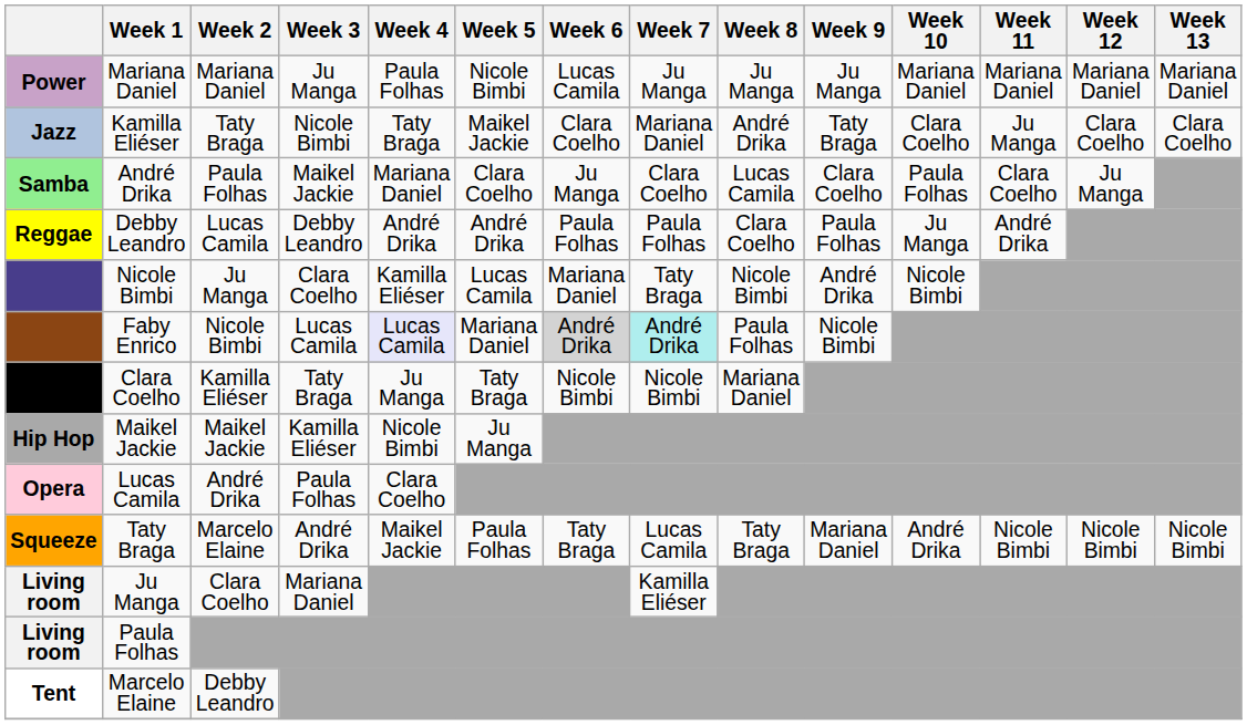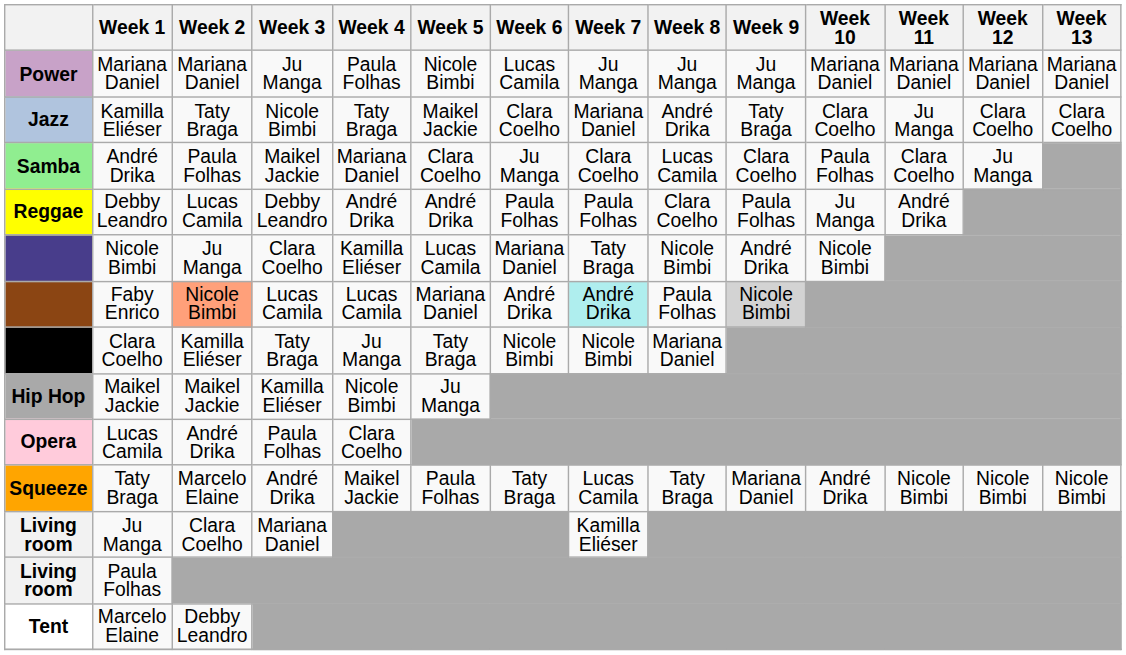 <table class="wikitable" style="text-align:center; font-size:85%; width:100%; line-height:13px;">
 <tr>
 <th style="width:10.5%"></th>
 <th style="width:06.0%">Week 1</th>
 <th style="width:06.0%">Week 2</th>
 <th style="width:06.0%">Week 3</th>
 <th style="width:06.0%">Week 4</th>
 <th style="width:06.0%">Week 5</th>
 <th style="width:06.0%">Week 6</th>
 <th style="width:06.0%">Week 7</th>
 <th style="width:06.0%">Week 8</th>
 <th style="width:06.0%">Week 9</th>
 <th style="width:06.0%">Week 10</th>
 <th style="width:06.0%">Week 11</th>
 <th style="width:06.0%">Week 12</th>
 <th style="width:06.0%">Week 13</th>
 </tr>
 <tr>
 <td bgcolor=C8A2C8><strong>Power<br></strong></td>
 <td>Mariana<br>Daniel</td>
 <td>Mariana<br>Daniel</td>
 <td>Ju<br>Manga</td>
 <td>Paula<br>Folhas</td>
 <td>Nicole<br>Bimbi</td>
 <td>Lucas<br>Camila</td>
 <td>Ju<br>Manga</td>
 <td>Ju<br>Manga</td>
 <td>Ju<br>Manga</td>
 <td>Mariana<br>Daniel</td>
 <td>Mariana<br>Daniel</td>
 <td>Mariana<br>Daniel</td>
 <td>Mariana<br>Daniel</td>
 </tr>
 <tr>
 <td bgcolor=B0C4DE><strong>Jazz<br></strong></td>
 <td>Kamilla<br>Eliéser</td>
 <td>Taty<br>Braga</td>
 <td>Nicole<br>Bimbi</td>
 <td>Taty<br>Braga</td>
 <td>Maikel<br>Jackie</td>
 <td>Clara<br>Coelho</td>
 <td>Mariana<br>Daniel</td>
 <td>André<br>Drika</td>
 <td>Taty<br>Braga</td>
 <td>Clara<br>Coelho</td>
 <td>Ju<br>Manga</td>
 <td>Clara<br>Coelho</td>
 <td>Clara<br>Coelho</td>
 </tr>
 <tr>
 <td bgcolor=90EE90><strong>Samba<br></strong></td>
 <td>André<br>Drika</td>
 <td>Paula<br>Folhas</td>
 <td>Maikel<br>Jackie</td>
 <td>Mariana<br>Daniel</td>
 <td>Clara<br>Coelho</td>
 <td>Ju<br>Manga</td>
 <td>Clara<br>Coelho</td>
 <td>Lucas<br>Camila</td>
 <td>Clara<br>Coelho</td>
 <td>Paula<br>Folhas</td>
 <td>Clara<br>Coelho</td>
 <td>Ju<br>Manga</td>
 <td bgcolor=A9A9A9></td>
 </tr>
 <tr>
 <td bgcolor=FFFF00><strong>Reggae<br></strong></td>
 <td>Debby<br>Leandro</td>
 <td>Lucas<br>Camila</td>
 <td>Debby<br>Leandro</td>
 <td>André<br>Drika</td>
 <td>André<br>Drika</td>
 <td>Paula<br>Folhas</td>
 <td>Paula<br>Folhas</td>
 <td>Clara<br>Coelho</td>
 <td>Paula<br>Folhas</td>
 <td>Ju<br>Manga</td>
 <td>André<br>Drika</td>
 <td bgcolor=A9A9A9 colspan=2></td>
 </tr>
 <tr>
 <td bgcolor=483D8B></td>
 <td>Nicole<br>Bimbi</td>
 <td>Ju<br>Manga</td>
 <td>Clara<br>Coelho</td>
 <td>Kamilla<br>Eliéser</td>
 <td>Lucas<br>Camila</td>
 <td>Mariana<br>Daniel</td>
 <td>Taty<br>Braga</td>
 <td>Nicole<br>Bimbi</td>
 <td>André<br>Drika</td>
 <td>Nicole<br>Bimbi</td>
 <td bgcolor=A9A9A9 colspan=3></td>
 </tr>
 <tr>
 <td bgcolor=8B4513></td>
 <td>Faby<br>Enrico</td>
-<td>Nicole<br>Bimbi</td>
+<td style="background: lightsalmon;">Nicole<br>Bimbi</td>
 <td>Lucas<br>Camila</td>
-<td style="background: lavender;">Lucas<br>Camila</td>
+<td>Lucas<br>Camila</td>
 <td>Mariana<br>Daniel</td>
-<td style="background: lightgrey;">André<br>Drika</td>
+<td>André<br>Drika</td>
 <td style="background: paleturquoise;">André<br>Drika</td>
 <td>Paula<br>Folhas</td>
-<td>Nicole<br>Bimbi</td>
+<td style="background: lightgrey;">Nicole<br>Bimbi</td>
 <td bgcolor=A9A9A9 colspan=4></td>
 </tr>
 <tr>
 <td bgcolor=000000></td>
 <td>Clara<br>Coelho</td>
 <td>Kamilla<br>Eliéser</td>
 <td>Taty<br>Braga</td>
 <td>Ju<br>Manga</td>
 <td>Taty<br>Braga</td>
 <td>Nicole<br>Bimbi</td>
 <td>Nicole<br>Bimbi</td>
 <td>Mariana<br>Daniel</td>
 <td bgcolor=A9A9A9 colspan=5></td>
 </tr>
 <tr>
 <td bgcolor=A9A9A9><strong>Hip Hop</strong></td>
 <td>Maikel<br>Jackie</td>
 <td>Maikel<br>Jackie</td>
 <td>Kamilla<br>Eliéser</td>
 <td>Nicole<br>Bimbi</td>
 <td>Ju<br>Manga</td>
 <td bgcolor=A9A9A9 colspan=8></td>
 </tr>
 <tr>
 <td bgcolor=FFCBDB><strong>Opera</strong></td>
 <td>Lucas<br>Camila</td>
 <td>André<br>Drika</td>
 <td>Paula<br>Folhas</td>
 <td>Clara<br>Coelho</td>
 <td bgcolor=A9A9A9 colspan=9></td>
 </tr>
 <tr>
 <td bgcolor=FFA500><strong>Squeeze</strong></td>
 <td>Taty<br>Braga</td>
 <td>Marcelo<br>Elaine</td>
 <td>André<br>Drika</td>
 <td>Maikel<br>Jackie</td>
 <td>Paula<br>Folhas</td>
 <td>Taty<br>Braga</td>
 <td>Lucas<br>Camila</td>
 <td>Taty<br>Braga</td>
 <td>Mariana<br>Daniel</td>
 <td>André<br>Drika</td>
 <td>Nicole<br>Bimbi</td>
 <td>Nicole<br>Bimbi</td>
 <td>Nicole<br>Bimbi</td>
 </tr>
 <tr>
 <th>Living room</th>
 <td>Ju<br>Manga</td>
 <td>Clara<br>Coelho</td>
 <td>Mariana<br>Daniel</td>
 <td bgcolor=A9A9A9 colspan=3></td>
 <td>Kamilla<br>Eliéser</td>
 <td bgcolor=A9A9A9 colspan=6></td>
 </tr>
 <tr>
 <th>Living room</th>
 <td>Paula<br>Folhas</td>
 <td bgcolor=A9A9A9 colspan=12></td>
 </tr>
 <tr>
 <td bgcolor=FFFFFF><strong>Tent</strong></td>
 <td>Marcelo<br>Elaine</td>
 <td>Debby<br>Leandro</td>
 <td bgcolor=A9A9A9 colspan=11></td>
 </tr>
 <tr>
 </tr>
 </table>
